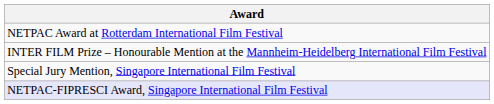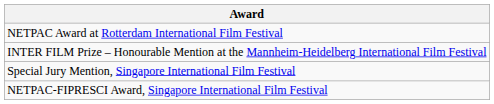 <table class="wikitable">
 <tr>
 <th>Award</th>
 </tr>
 <tr>
 <td>NETPAC Award at <a href='#'>Rotterdam International Film Festival</a></td>
 </tr>
 <tr>
 <td>INTER FILM Prize – Honourable Mention at the <a href='#'>Mannheim-Heidelberg International Film Festival</a></td>
 </tr>
 <tr>
 <td>Special Jury Mention, <a href='#'>Singapore International Film Festival</a></td>
 </tr>
 <tr>
-<td style="background: lavender;">NETPAC-FIPRESCI Award, <a href='#'>Singapore International Film Festival</a></td>
+<td>NETPAC-FIPRESCI Award, <a href='#'>Singapore International Film Festival</a></td>
 </tr>
 </table>
